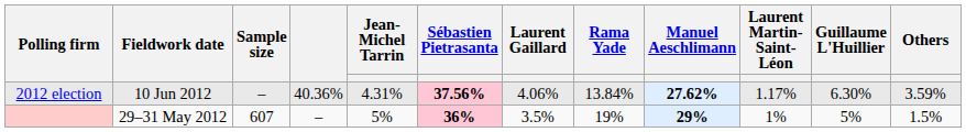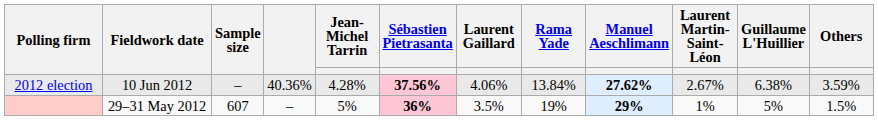 <table class="wikitable sortable" style="text-align:center;font-size:90%;line-height:14px;">
 <tr style="height:40px;">
 <th style="width:100px;" rowspan="2">Polling firm</th>
 <th style="width:110px;" rowspan="2">Fieldwork date</th>
 <th style="width:35px;" rowspan="2">Sample<br>size</th>
 <th style="width:30px;" rowspan="2"></th>
 <th class="unsortable" style="width:60px;">Jean-Michel Tarrin<br></th>
 <th class="unsortable" style="width:60px;"><a href='#'>Sébastien Pietrasanta</a><br></th>
 <th class="unsortable" style="width:60px;">Laurent Gaillard<br></th>
 <th class="unsortable" style="width:60px;"><a href='#'>Rama Yade</a><br></th>
 <th class="unsortable" style="width:60px;"><a href='#'>Manuel Aeschlimann</a><br></th>
 <th class="unsortable" style="width:60px;">Laurent Martin-Saint-Léon<br></th>
 <th class="unsortable" style="width:60px;">Guillaume L'Huillier<br></th>
 <th class="unsortable" style="width:60px;">Others</th>
 </tr>
 <tr>
 <th style="background:"></th>
 <th style="background:"></th>
 <th style="background:"></th>
 <th style="background:"></th>
 <th style="background:"></th>
 <th style="background:"></th>
 <th style="background:"></th>
 <th style="background:"></th>
 </tr>
 <tr style="background:#E9E9E9;">
 <td><a href='#'>2012 election</a></td>
 <td data-sort-value="2012-06-10">10 Jun 2012</td>
 <td>–</td>
 <td>40.36%</td>
-<td>4.31%</td>
+<td>4.28%</td>
 <td style="background:#FFC6D5;"><strong>37.56%</strong></td>
 <td>4.06%</td>
 <td>13.84%</td>
 <td style="background:#DFEEFF;"><strong>27.62%</strong></td>
-<td>1.17%</td>
-<td>6.30%</td>
+<td>2.67%</td>
+<td>6.38%</td>
 <td>3.59%</td>
 </tr>
 <tr>
 <td style="background:#FFCCCC;"></td>
 <td data-sort-value="2012-05-31">29–31 May 2012</td>
 <td>607</td>
 <td>–</td>
 <td>5%</td>
 <td style="background:#FFC6D5;"><strong>36%</strong></td>
 <td>3.5%</td>
 <td>19%</td>
 <td style="background:#DFEEFF;"><strong>29%</strong></td>
 <td>1%</td>
 <td>5%</td>
 <td>1.5%</td>
 </tr>
 </table>
